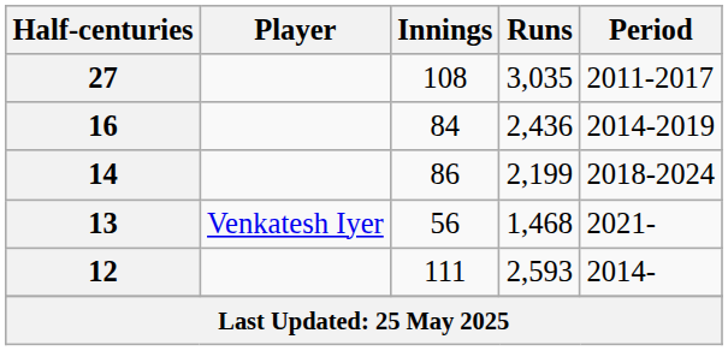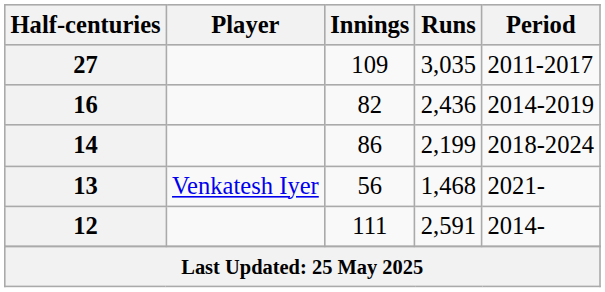 <table class="wikitable" style="text-align:left;font-size:96%;">
 <tr>
 <th>Half-centuries</th>
 <th>Player</th>
 <th>Innings</th>
 <th>Runs</th>
 <th>Period</th>
 </tr>
 <tr>
 <th scope=row style=text-align:center;>27</th>
 <td></td>
-<td align=center>108</td>
+<td align=center>109</td>
 <td align=center>3,035</td>
 <td>2011-2017</td>
 </tr>
 <tr>
 <th scope=row style=text-align:center;>16</th>
 <td></td>
-<td align=center>84</td>
+<td align=center>82</td>
 <td align=center>2,436</td>
 <td>2014-2019</td>
 </tr>
 <tr>
 <th scope=row style=text-align:center;>14</th>
 <td></td>
 <td align=center>86</td>
 <td align=center>2,199</td>
 <td>2018-2024</td>
 </tr>
 <tr>
 <th scope=row style=text-align:center;>13</th>
 <td><a href='#'>Venkatesh Iyer</a></td>
 <td align=center>56</td>
 <td align=center>1,468</td>
 <td>2021-</td>
 </tr>
 <tr>
 <th scope=row style=text-align:center;>12</th>
 <td></td>
 <td align=center>111</td>
-<td align=center>2,593</td>
+<td align=center>2,591</td>
 <td>2014-</td>
 </tr>
 <tr>
 </tr>
 <tr class=sortbottom>
 <th colspan=6><small>Last Updated: 25 May 2025</small></th>
 </tr>
 </table>
